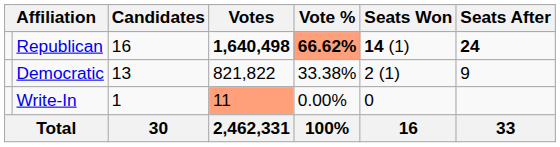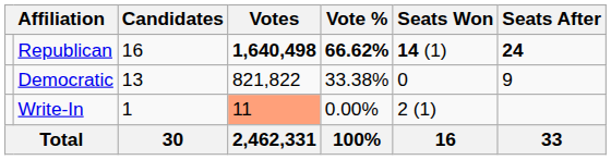 <table class="wikitable">
 <tr>
 <th colspan="2">Affiliation</th>
 <th>Candidates</th>
 <th>Votes</th>
 <th>Vote %</th>
 <th>Seats Won</th>
 <th>Seats After</th>
 </tr>
 <tr>
 <td style="background-color:"></td>
 <td><a href='#'>Republican</a></td>
 <td>16</td>
 <td><strong>1,640,498</strong></td>
-<td style="background: lightsalmon;"><strong>66.62%</strong></td>
+<td><strong>66.62%</strong></td>
 <td><strong>14</strong> (1)</td>
 <td><strong>24</strong></td>
 </tr>
 <tr>
 <td style="background-color:"></td>
 <td><a href='#'>Democratic</a></td>
 <td>13</td>
 <td>821,822</td>
 <td>33.38%</td>
-<td>2 (1)</td>
+<td>0</td>
 <td>9</td>
 </tr>
 <tr>
 <td></td>
 <td><a href='#'>Write-In</a></td>
 <td>1</td>
 <td style="background: lightsalmon;">11</td>
 <td>0.00%</td>
-<td>0</td>
+<td>2 (1)</td>
 <td></td>
 </tr>
 <tr>
 <th colspan="2">Total</th>
 <th>30</th>
 <th>2,462,331</th>
 <th>100%</th>
 <th>16</th>
 <th>33</th>
 </tr>
 </table>
